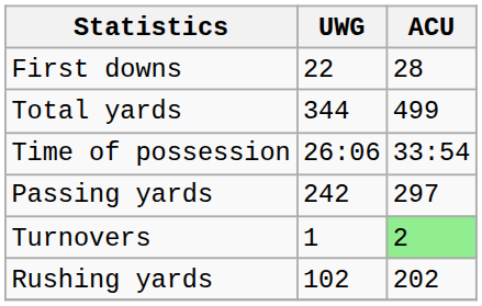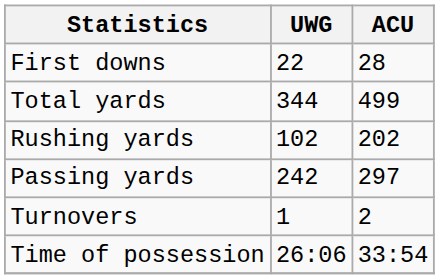 <table class="wikitable" style="float: left;">
 <tr>
 <th>Statistics</th>
 <th>UWG</th>
 <th>ACU</th>
 </tr>
 <tr>
 <td>First downs</td>
 <td>22</td>
 <td>28</td>
 </tr>
 <tr>
 <td>Total yards</td>
 <td>344</td>
 <td>499</td>
 </tr>
 <tr>
-<td>Time of possession</td>
-<td>26:06</td>
-<td>33:54</td>
+<td>Rushing yards</td>
+<td>102</td>
+<td>202</td>
 </tr>
 <tr>
 <td>Passing yards</td>
 <td>242</td>
 <td>297</td>
 </tr>
 <tr>
 <td>Turnovers</td>
 <td>1</td>
-<td style="background: lightgreen;">2</td>
+<td>2</td>
 </tr>
 <tr>
-<td>Rushing yards</td>
-<td>102</td>
-<td>202</td>
+<td>Time of possession</td>
+<td>26:06</td>
+<td>33:54</td>
 </tr>
 <tr>
 </tr>
 </table>
